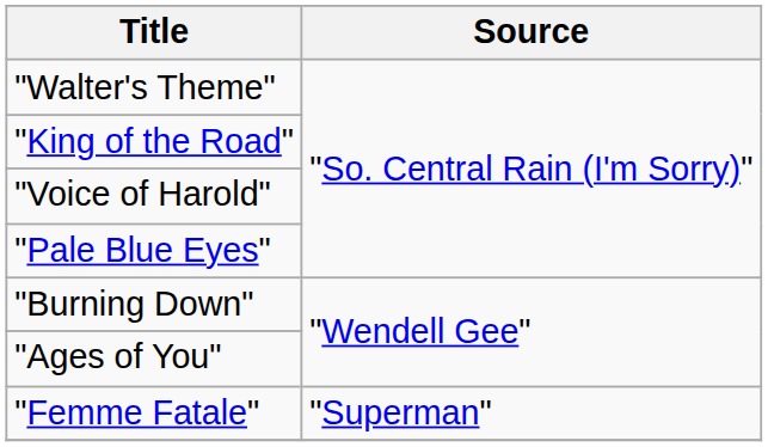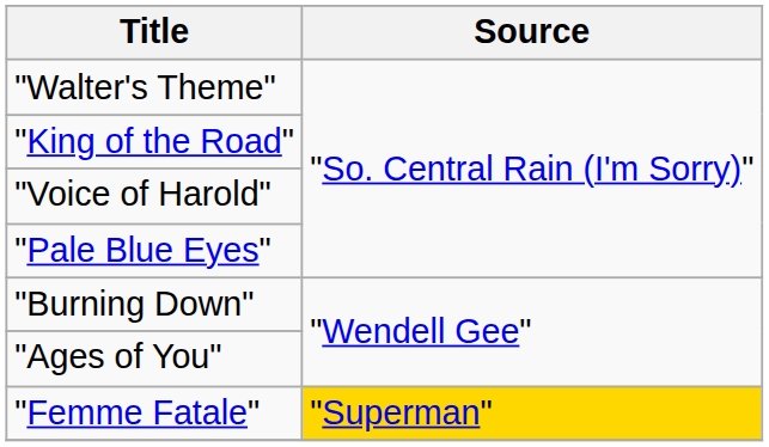 <table class="wikitable" style="margin-left: auto; margin-right: auto;">
 <tr>
 <th scope="col">Title</th>
 <th scope="col">Source</th>
 </tr>
 <tr>
 <td scope="row">"Walter's Theme"</td>
 <td rowspan="4">"<a href='#'>So. Central Rain (I'm Sorry)</a>"</td>
 </tr>
 <tr>
 <td scope="row">"<a href='#'>King of the Road</a>"</td>
 </tr>
 <tr>
 <td scope="row">"Voice of Harold"</td>
 </tr>
 <tr>
 <td scope="row">"<a href='#'>Pale Blue Eyes</a>"</td>
 </tr>
 <tr>
 <td scope="row">"Burning Down"</td>
 <td rowspan="2">"<a href='#'>Wendell Gee</a>"</td>
 </tr>
 <tr>
 <td scope="row">"Ages of You"</td>
 </tr>
 <tr>
 <td scope="row">"<a href='#'>Femme Fatale</a>"</td>
-<td>"<a href='#'>Superman</a>"</td>
+<td style="background: gold;">"<a href='#'>Superman</a>"</td>
 </tr>
 <tr>
 </tr>
 </table>
